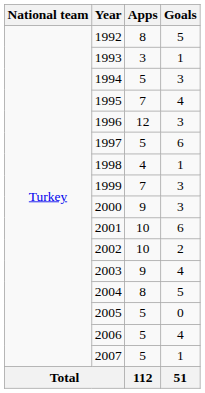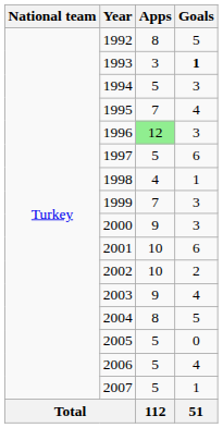 <table class="wikitable" style="text-align:center">
 <tr>
 <th>National team</th>
 <th>Year</th>
 <th>Apps</th>
 <th>Goals</th>
 </tr>
 <tr>
 <td rowspan="16"><a href='#'>Turkey</a></td>
 <td>1992</td>
 <td>8</td>
 <td>5</td>
 </tr>
 <tr>
 <td>1993</td>
 <td>3</td>
-<td>1</td>
+<td><strong>1</strong></td>
 </tr>
 <tr>
 <td>1994</td>
 <td>5</td>
 <td>3</td>
 </tr>
 <tr>
 <td>1995</td>
 <td>7</td>
 <td>4</td>
 </tr>
 <tr>
 <td>1996</td>
-<td>12</td>
+<td style="background: lightgreen;">12</td>
 <td>3</td>
 </tr>
 <tr>
 <td>1997</td>
 <td>5</td>
 <td>6</td>
 </tr>
 <tr>
 <td>1998</td>
 <td>4</td>
 <td>1</td>
 </tr>
 <tr>
 <td>1999</td>
 <td>7</td>
 <td>3</td>
 </tr>
 <tr>
 <td>2000</td>
 <td>9</td>
 <td>3</td>
 </tr>
 <tr>
 <td>2001</td>
 <td>10</td>
 <td>6</td>
 </tr>
 <tr>
 <td>2002</td>
 <td>10</td>
 <td>2</td>
 </tr>
 <tr>
 <td>2003</td>
 <td>9</td>
 <td>4</td>
 </tr>
 <tr>
 <td>2004</td>
 <td>8</td>
 <td>5</td>
 </tr>
 <tr>
 <td>2005</td>
 <td>5</td>
 <td>0</td>
 </tr>
 <tr>
 <td>2006</td>
 <td>5</td>
 <td>4</td>
 </tr>
 <tr>
 <td>2007</td>
 <td>5</td>
 <td>1</td>
 </tr>
 <tr>
 <th colspan="2">Total</th>
 <th>112</th>
 <th>51</th>
 </tr>
 </table>
